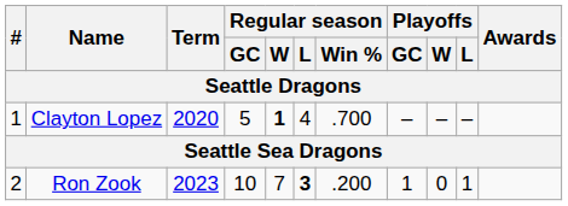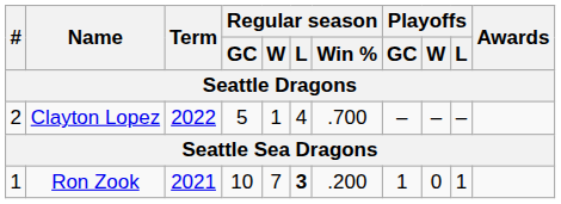 <table class="wikitable" style="text-align:center">
 <tr>
 <th rowspan="2">#</th>
 <th rowspan="2">Name</th>
 <th rowspan="2">Term</th>
 <th colspan="4">Regular season</th>
 <th colspan="3">Playoffs</th>
 <th rowspan="2">Awards</th>
 </tr>
 <tr>
 <th>GC</th>
 <th>W</th>
 <th>L</th>
 <th>Win %</th>
 <th>GC</th>
 <th>W</th>
 <th>L</th>
 </tr>
 <tr>
 <th colspan="11">Seattle Dragons</th>
 </tr>
 <tr>
+<td>2</td>
+<td><a href='#'>Clayton Lopez</a></td>
+<td><a href='#'>2022</a></td>
+<td>5</td>
 <td>1</td>
-<td><a href='#'>Clayton Lopez</a></td>
-<td><a href='#'>2020</a></td>
-<td>5</td>
-<td><strong>1</strong></td>
 <td>4</td>
 <td>.700</td>
 <td>–</td>
 <td>–</td>
 <td>–</td>
 <td></td>
 </tr>
 <tr>
 <th colspan="11">Seattle Sea Dragons</th>
 </tr>
 <tr>
-<td>2</td>
+<td>1</td>
 <td><a href='#'>Ron Zook</a></td>
-<td><a href='#'>2023</a></td>
+<td><a href='#'>2021</a></td>
 <td>10</td>
 <td>7</td>
 <td><strong>3</strong></td>
 <td>.200</td>
 <td>1</td>
 <td>0</td>
 <td>1</td>
 <td></td>
 </tr>
 </table>
